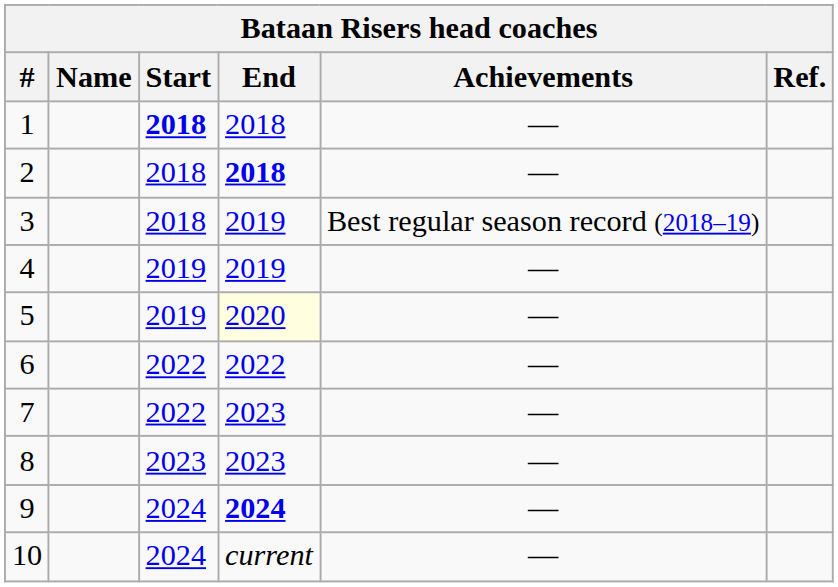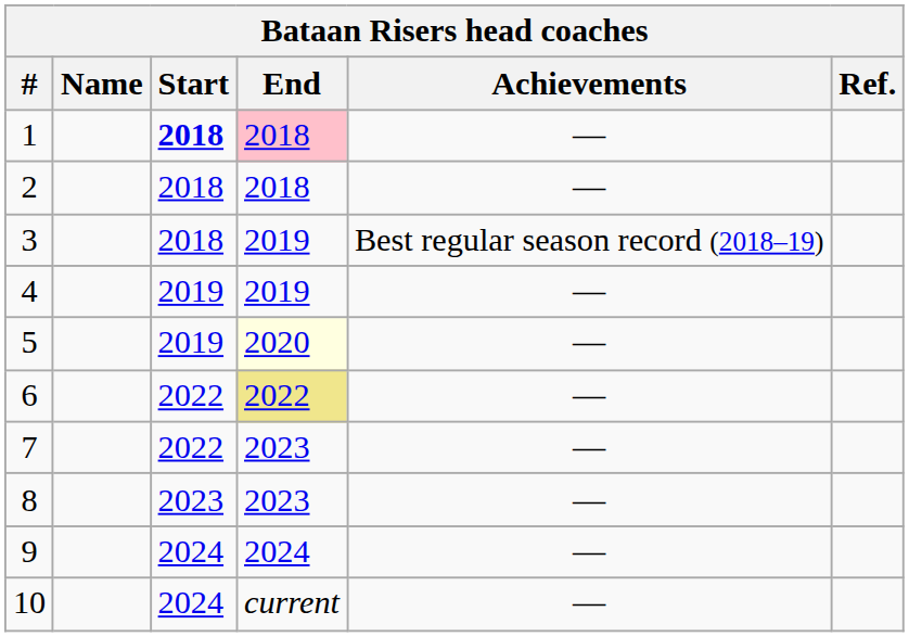 <table class="wikitable sortable">
 <tr>
 <th colspan="6">Bataan Risers head coaches</th>
 </tr>
 <tr>
 <th>#</th>
 <th>Name</th>
 <th>Start</th>
 <th>End</th>
 <th>Achievements</th>
 <th>Ref.</th>
 </tr>
 <tr>
 <td align=center>1</td>
 <td></td>
 <td><strong><a href='#'>2018</a></strong></td>
-<td><a href='#'>2018</a></td>
+<td style="background: pink;"><a href='#'>2018</a></td>
 <td align=center>—</td>
 <td></td>
 </tr>
 <tr>
 <td align=center>2</td>
 <td></td>
 <td><a href='#'>2018</a></td>
-<td><strong><a href='#'>2018</a></strong></td>
+<td><a href='#'>2018</a></td>
 <td align=center>—</td>
 <td></td>
 </tr>
 <tr>
 <td align=center>3</td>
 <td></td>
 <td><a href='#'>2018</a></td>
 <td><a href='#'>2019</a></td>
 <td>Best regular season record <small>(<a href='#'>2018–19</a>)</small></td>
 <td></td>
 </tr>
 <tr>
 <td align=center>4</td>
 <td></td>
 <td><a href='#'>2019</a></td>
 <td><a href='#'>2019</a></td>
 <td align=center>—</td>
 <td></td>
 </tr>
 <tr>
 <td align=center>5</td>
 <td></td>
 <td><a href='#'>2019</a></td>
 <td style="background: lightyellow;"><a href='#'>2020</a></td>
 <td align=center>—</td>
 <td></td>
 </tr>
 <tr>
 <td align=center>6</td>
 <td></td>
 <td><a href='#'>2022</a></td>
-<td><a href='#'>2022</a></td>
+<td style="background: khaki;"><a href='#'>2022</a></td>
 <td align=center>—</td>
 <td></td>
 </tr>
 <tr>
 <td align=center>7</td>
 <td></td>
 <td><a href='#'>2022</a></td>
 <td><a href='#'>2023</a></td>
 <td align=center>—</td>
 <td></td>
 </tr>
 <tr>
 <td align=center>8</td>
 <td></td>
 <td><a href='#'>2023</a></td>
 <td><a href='#'>2023</a></td>
 <td align=center>—</td>
 <td></td>
 </tr>
 <tr>
 <td align=center>9</td>
 <td></td>
 <td><a href='#'>2024</a></td>
-<td><strong><a href='#'>2024</a></strong></td>
+<td><a href='#'>2024</a></td>
 <td align=center>—</td>
 <td></td>
 </tr>
 <tr>
 <td align=center>10</td>
 <td></td>
 <td><a href='#'>2024</a></td>
 <td><em>current</em></td>
 <td align=center>—</td>
 <td></td>
 </tr>
 </table>
